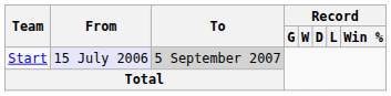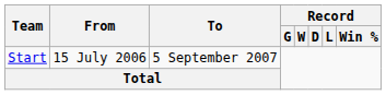 <table class="wikitable" style="text-align: center">
 <tr>
 <th rowspan="2">Team</th>
 <th rowspan="2">From</th>
 <th rowspan="2">To</th>
 <th colspan="5">Record</th>
 </tr>
 <tr>
 <th>G</th>
 <th>W</th>
 <th>D</th>
 <th>L</th>
 <th>Win %</th>
 </tr>
 <tr>
 <td align=left><a href='#'>Start</a></td>
-<td align=left style="background: lavender;">15 July 2006</td>
-<td align=left style="background: lightgrey;">5 September 2007<br></td>
+<td align=left>15 July 2006</td>
+<td align=left>5 September 2007<br></td>
 </tr>
 <tr>
 <th colspan="3">Total<br></th>
 </tr>
 </table>
